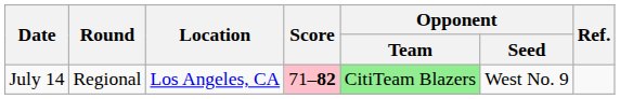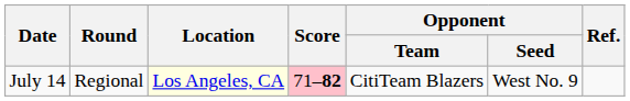 <table class="wikitable">
 <tr>
 <th rowspan=2>Date</th>
 <th rowspan=2>Round</th>
 <th rowspan=2>Location</th>
 <th rowspan=2>Score</th>
 <th colspan=2>Opponent</th>
 <th rowspan=2>Ref.</th>
 </tr>
 <tr>
 <th>Team</th>
 <th>Seed</th>
 </tr>
 <tr>
 <td>July 14</td>
 <td>Regional</td>
-<td><a href='#'>Los Angeles, CA</a></td>
+<td style="background: lightyellow;"><a href='#'>Los Angeles, CA</a></td>
 <td bgcolor=pink>71–<strong>82</strong></td>
-<td style="background: lightgreen;">CitiTeam Blazers</td>
+<td>CitiTeam Blazers</td>
 <td>West No. 9</td>
 <td></td>
 </tr>
 </table>
